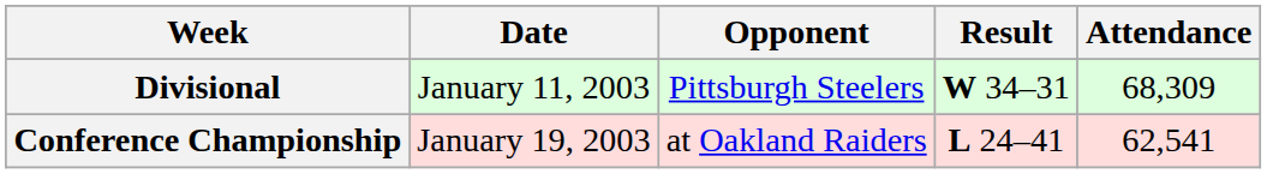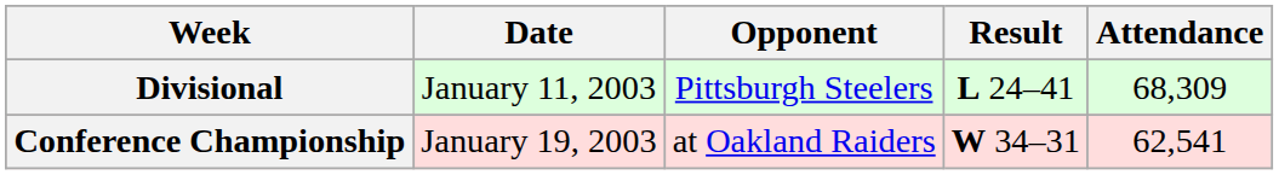 <table class="wikitable" style="text-align:center">
 <tr>
 <th>Week</th>
 <th>Date</th>
 <th>Opponent</th>
 <th>Result</th>
 <th>Attendance</th>
 </tr>
 <tr bgcolor="#ddffdd">
 <th>Divisional</th>
 <td>January 11, 2003</td>
 <td><a href='#'>Pittsburgh Steelers</a></td>
-<td><strong>W</strong> 34–31 </td>
+<td><strong>L</strong> 24–41</td>
 <td>68,309</td>
 </tr>
 <tr bgcolor="#ffdddd">
 <th>Conference Championship</th>
 <td>January 19, 2003</td>
 <td>at <a href='#'>Oakland Raiders</a></td>
-<td><strong>L</strong> 24–41</td>
+<td><strong>W</strong> 34–31 </td>
 <td>62,541</td>
 </tr>
 </table>
